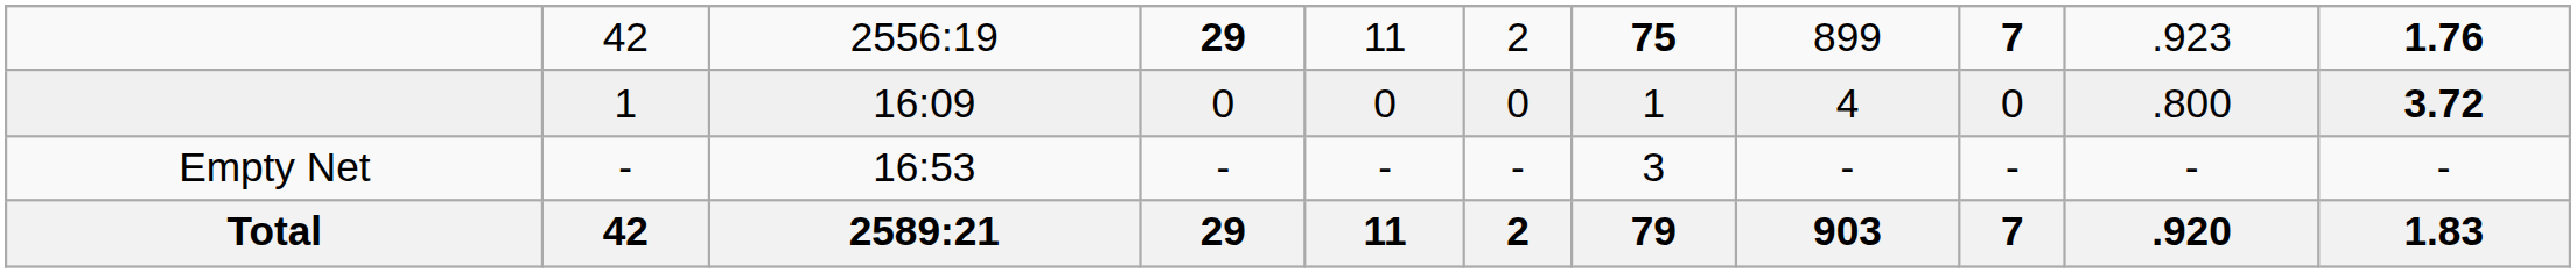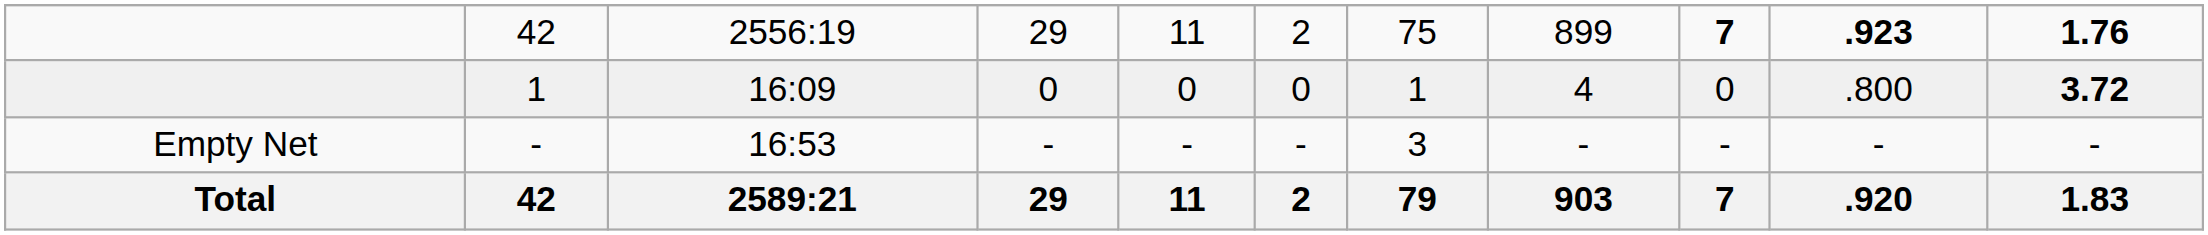 <table class="wikitable sortable" width ="1000">
 <tr align="center">
 </tr>
 <tr align="center" bgcolor="">
 <td></td>
 <td>42</td>
 <td>2556:19</td>
-<td><strong>29</strong></td>
+<td>29</td>
 <td>11</td>
 <td>2</td>
-<td><strong>75</strong></td>
+<td>75</td>
 <td>899</td>
 <td><strong>7</strong></td>
-<td>.923</td>
+<td><strong>.923</strong></td>
 <td><strong>1.76</strong></td>
 </tr>
 <tr align="center" bgcolor="f0f0f0">
 <td></td>
 <td>1</td>
 <td>16:09</td>
 <td>0</td>
 <td>0</td>
 <td>0</td>
 <td>1</td>
 <td>4</td>
 <td>0</td>
 <td>.800</td>
 <td><strong>3.72</strong></td>
 </tr>
 <tr align="center" bgcolor="">
 <td>Empty Net</td>
 <td>-</td>
 <td>16:53</td>
 <td>-</td>
 <td>-</td>
 <td>-</td>
 <td>3</td>
 <td>-</td>
 <td>-</td>
 <td>-</td>
 <td>-</td>
 </tr>
 <tr>
 <th>Total</th>
 <th>42</th>
 <th>2589:21</th>
 <th>29</th>
 <th>11</th>
 <th>2</th>
 <th>79</th>
 <th>903</th>
 <th>7</th>
 <th>.920</th>
 <th>1.83</th>
 </tr>
 </table>
